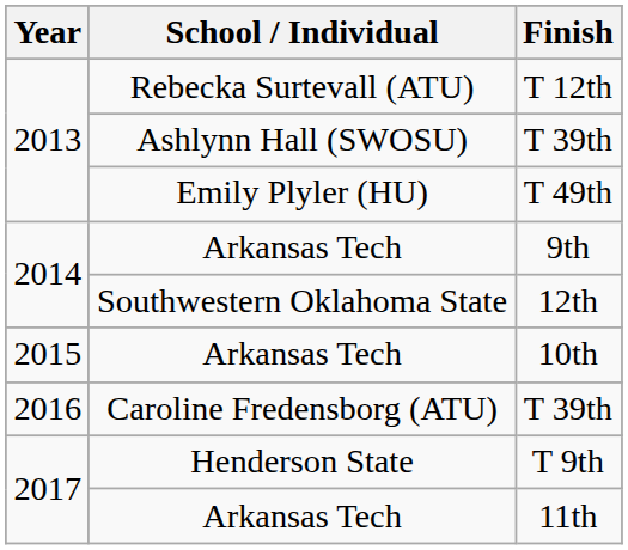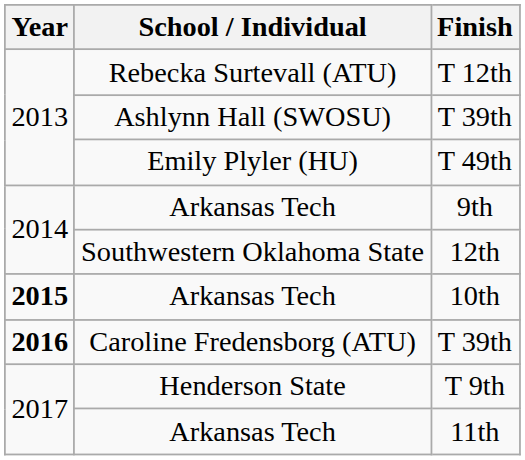 <table class="wikitable" style=text-align:center>
 <tr>
 <th>Year</th>
 <th>School / Individual</th>
 <th>Finish</th>
 </tr>
 <tr>
 <td rowspan=3>2013</td>
 <td>Rebecka Surtevall (ATU)</td>
 <td>T 12th</td>
 </tr>
 <tr>
 <td>Ashlynn Hall (SWOSU)</td>
 <td>T 39th</td>
 </tr>
 <tr>
 <td>Emily Plyler (HU)</td>
 <td>T 49th</td>
 </tr>
 <tr>
 <td rowspan=2>2014</td>
 <td>Arkansas Tech</td>
 <td>9th</td>
 </tr>
 <tr>
 <td>Southwestern Oklahoma State</td>
 <td>12th</td>
 </tr>
 <tr>
-<td>2015</td>
+<td><strong>2015</strong></td>
 <td>Arkansas Tech</td>
 <td>10th</td>
 </tr>
 <tr>
-<td>2016</td>
+<td><strong>2016</strong></td>
 <td>Caroline Fredensborg (ATU)</td>
 <td>T 39th</td>
 </tr>
 <tr>
 <td rowspan=2>2017</td>
 <td>Henderson State</td>
 <td>T 9th</td>
 </tr>
 <tr>
 <td>Arkansas Tech</td>
 <td>11th</td>
 </tr>
 </table>
